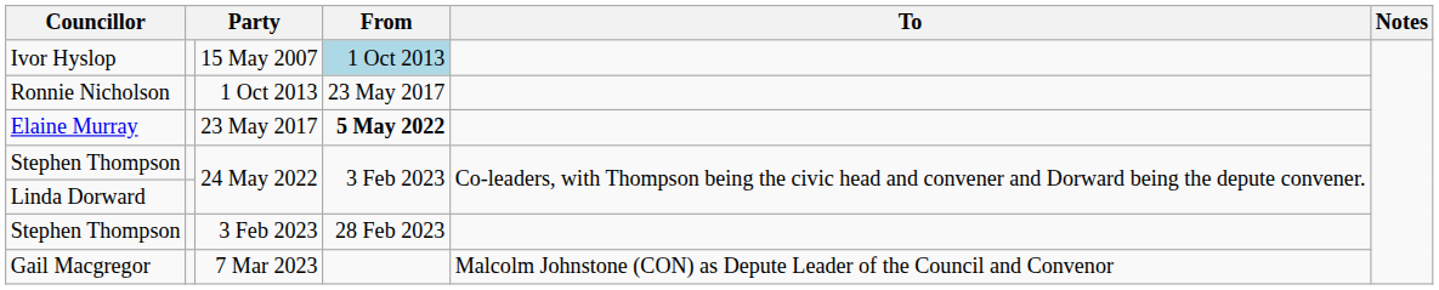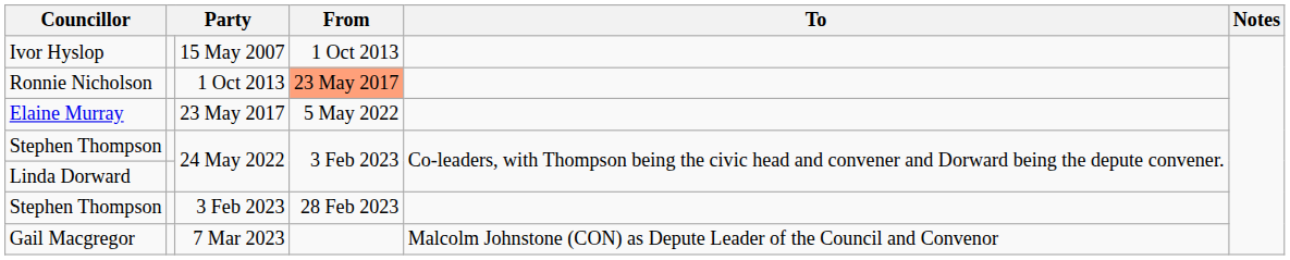 <table class=wikitable>
 <tr>
 <th>Councillor</th>
 <th colspan=2>Party</th>
 <th>From</th>
 <th>To</th>
 <th>Notes</th>
 </tr>
 <tr>
 <td>Ivor Hyslop</td>
 <td></td>
 <td align=right>15 May 2007</td>
-<td align=right style="background: lightblue;">1 Oct 2013</td>
+<td align=right>1 Oct 2013</td>
 <td></td>
 </tr>
 <tr>
 <td>Ronnie Nicholson</td>
 <td></td>
 <td align=right>1 Oct 2013</td>
-<td align=right>23 May 2017</td>
+<td align=right style="background: lightsalmon;">23 May 2017</td>
 <td></td>
 </tr>
 <tr>
 <td><a href='#'>Elaine Murray</a></td>
 <td></td>
 <td align=right>23 May 2017</td>
-<td align=right><strong>5 May 2022</strong></td>
+<td align=right>5 May 2022</td>
 <td></td>
 </tr>
 <tr>
 <td>Stephen Thompson</td>
 <td></td>
 <td rowspan=2 align=right>24 May 2022</td>
 <td rowspan=2 align=right>3 Feb 2023</td>
 <td rowspan=2>Co-leaders, with Thompson being the civic head and convener and Dorward being the depute convener.</td>
 </tr>
 <tr>
 <td>Linda Dorward</td>
 <td></td>
 </tr>
 <tr>
 <td>Stephen Thompson</td>
 <td></td>
 <td align=right>3 Feb 2023</td>
 <td align=right>28 Feb 2023</td>
 <td></td>
 </tr>
 <tr>
 <td>Gail Macgregor</td>
 <td></td>
 <td align=right>7 Mar 2023</td>
 <td></td>
 <td>Malcolm Johnstone (CON) as Depute Leader of the Council and Convenor</td>
 </tr>
 </table>
